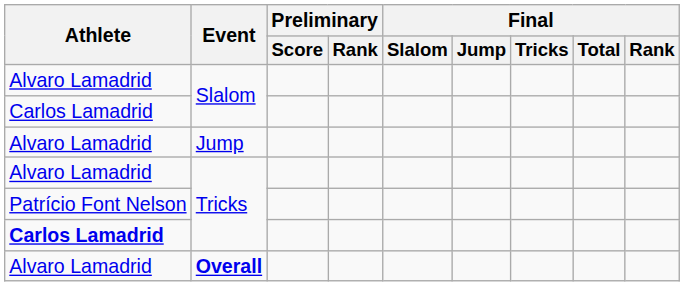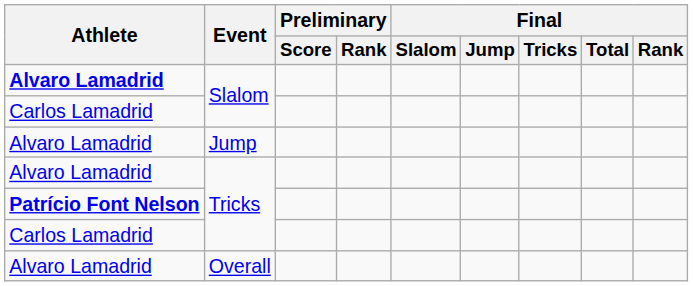 <table class=wikitable style=font-size:90%;text-align:center>
 <tr>
 <th rowspan=2>Athlete</th>
 <th rowspan=2>Event</th>
 <th colspan=2>Preliminary</th>
 <th colspan=5>Final</th>
 </tr>
 <tr style=font-size:95%>
 <th>Score</th>
 <th>Rank</th>
 <th>Slalom</th>
 <th>Jump</th>
 <th>Tricks</th>
 <th>Total</th>
 <th>Rank</th>
 </tr>
 <tr>
-<td align=left><a href='#'>Alvaro Lamadrid</a></td>
+<td align=left><strong><a href='#'>Alvaro Lamadrid</a></strong></td>
 <td align=left rowspan=2><a href='#'>Slalom</a></td>
 <td></td>
 <td></td>
 <td></td>
 <td></td>
 <td></td>
 <td></td>
 <td></td>
 </tr>
 <tr>
 <td align=left><a href='#'>Carlos Lamadrid</a></td>
 <td></td>
 <td></td>
 <td></td>
 <td></td>
 <td></td>
 <td></td>
 <td></td>
 </tr>
 <tr>
 <td align=left><a href='#'>Alvaro Lamadrid</a></td>
 <td align=left><a href='#'>Jump</a></td>
 <td></td>
 <td></td>
 <td></td>
 <td></td>
 <td></td>
 <td></td>
 <td></td>
 </tr>
 <tr>
 <td align=left><a href='#'>Alvaro Lamadrid</a></td>
 <td align=left rowspan=3><a href='#'>Tricks</a></td>
 <td></td>
 <td></td>
 <td></td>
 <td></td>
 <td></td>
 <td></td>
 <td></td>
 </tr>
 <tr>
-<td align=left><a href='#'>Patrício Font Nelson</a></td>
+<td align=left><strong><a href='#'>Patrício Font Nelson</a></strong></td>
 <td></td>
 <td></td>
 <td></td>
 <td></td>
 <td></td>
 <td></td>
 <td></td>
 </tr>
 <tr>
-<td align=left><strong><a href='#'>Carlos Lamadrid</a></strong></td>
+<td align=left><a href='#'>Carlos Lamadrid</a></td>
 <td></td>
 <td></td>
 <td></td>
 <td></td>
 <td></td>
 <td></td>
 <td></td>
 </tr>
 <tr>
 <td align=left><a href='#'>Alvaro Lamadrid</a></td>
-<td align=left><strong><a href='#'>Overall</a></strong></td>
+<td align=left><a href='#'>Overall</a></td>
 <td></td>
 <td></td>
 <td></td>
 <td></td>
 <td></td>
 <td></td>
 <td></td>
 </tr>
 </table>
